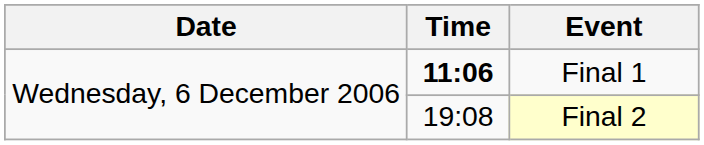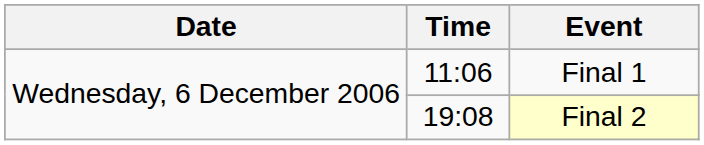 <table class = "wikitable" style="text-align:center;">
 <tr>
 <th width=220>Date</th>
 <th width=50>Time</th>
 <th width=100>Event</th>
 </tr>
 <tr>
 <td rowspan=2>Wednesday, 6 December 2006</td>
-<td><strong>11:06</strong></td>
+<td>11:06</td>
 <td>Final 1</td>
 </tr>
 <tr>
 <td>19:08</td>
 <td bgcolor=ffffcc>Final 2</td>
 </tr>
 </table>
